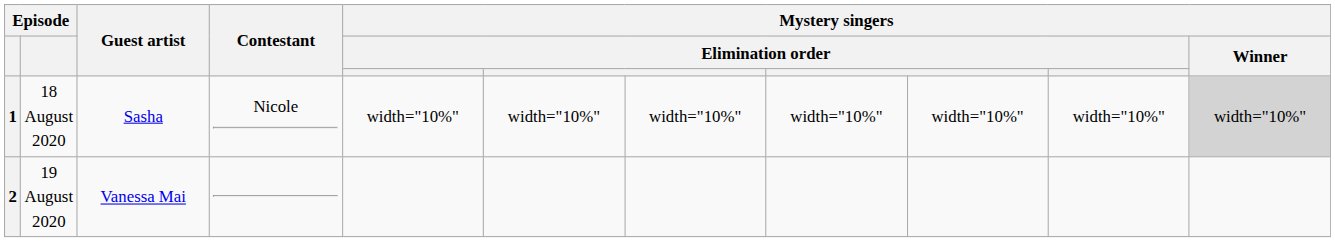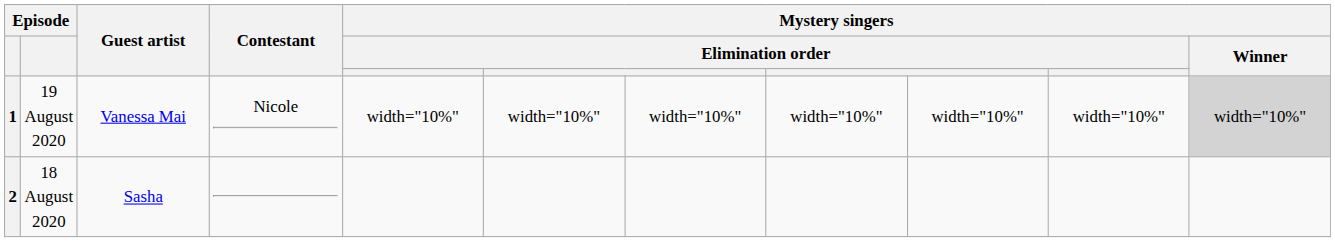 <table class="wikitable plainrowheaders mw-collapsible" style="text-align:center; line-height:23px; width:100%;">
 <tr>
 <th colspan="2" width="1%">Episode</th>
 <th rowspan="3" width="10%">Guest artist</th>
 <th rowspan="3" width="10%">Contestant</th>
 <th colspan="7">Mystery singers<br></th>
 </tr>
 <tr>
 <th rowspan="2"></th>
 <th rowspan="2"></th>
 <th colspan="6">Elimination order</th>
 <th rowspan="2">Winner</th>
 </tr>
 <tr>
 <th></th>
 <th colspan="2"></th>
 <th colspan="2"></th>
 <th></th>
 </tr>
 <tr>
 <th>1</th>
-<td>18 August 2020</td>
-<td><a href='#'>Sasha</a></td>
+<td>19 August 2020</td>
+<td><a href='#'>Vanessa Mai</a><br></td>
 <td>Nicole<hr></td>
 <td>width="10%" </td>
 <td>width="10%" </td>
 <td>width="10%" </td>
 <td>width="10%" </td>
 <td>width="10%" </td>
 <td>width="10%" </td>
 <td style="background: lightgrey;">width="10%" </td>
 </tr>
 <tr>
 <th>2</th>
-<td>19 August 2020</td>
-<td><a href='#'>Vanessa Mai</a><br></td>
+<td>18 August 2020</td>
+<td><a href='#'>Sasha</a></td>
 <td><hr></td>
 <td></td>
 <td></td>
 <td></td>
 <td></td>
 <td></td>
 <td></td>
 <td></td>
 </tr>
 </table>
